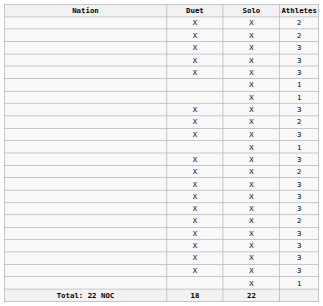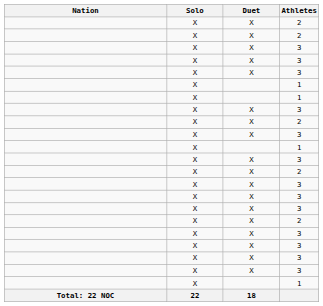 <table class="wikitable" width=500 style="text-align:center; font-size:90%">
 <tr>
 <th>Nation</th>
+<th>Solo</th>
 <th>Duet</th>
-<th>Solo</th>
 <th width=55>Athletes</th>
 </tr>
 <tr>
 <td style="text-align:left;"></td>
 <td>X</td>
 <td>X</td>
 <td>2</td>
 </tr>
 <tr>
 <td style="text-align:left;"></td>
 <td>X</td>
 <td>X</td>
 <td>2</td>
 </tr>
 <tr>
 <td style="text-align:left;"></td>
 <td>X</td>
 <td>X</td>
 <td>3</td>
 </tr>
 <tr>
 <td style="text-align:left;"></td>
 <td>X</td>
 <td>X</td>
 <td>3</td>
 </tr>
 <tr>
 <td style="text-align:left;"></td>
 <td>X</td>
 <td>X</td>
 <td>3</td>
 </tr>
 <tr>
 <td style="text-align:left;"></td>
+<td>X</td>
 <td></td>
-<td>X</td>
 <td>1</td>
 </tr>
 <tr>
 <td style="text-align:left;"></td>
+<td>X</td>
 <td></td>
-<td>X</td>
 <td>1</td>
 </tr>
 <tr>
 <td style="text-align:left;"></td>
 <td>X</td>
 <td>X</td>
 <td>3</td>
 </tr>
 <tr>
 <td style="text-align:left;"></td>
 <td>X</td>
 <td>X</td>
 <td>2</td>
 </tr>
 <tr>
 <td style="text-align:left;"></td>
 <td>X</td>
 <td>X</td>
 <td>3</td>
 </tr>
 <tr>
 <td style="text-align:left;"></td>
+<td>X</td>
 <td></td>
-<td>X</td>
 <td>1</td>
 </tr>
 <tr>
 <td style="text-align:left;"></td>
 <td>X</td>
 <td>X</td>
 <td>3</td>
 </tr>
 <tr>
 <td style="text-align:left;"></td>
 <td>X</td>
 <td>X</td>
 <td>2</td>
 </tr>
 <tr>
 <td style="text-align:left;"></td>
 <td>X</td>
 <td>X</td>
 <td>3</td>
 </tr>
 <tr>
 <td style="text-align:left;"></td>
 <td>X</td>
 <td>X</td>
 <td>3</td>
 </tr>
 <tr>
 <td style="text-align:left;"></td>
 <td>X</td>
 <td>X</td>
 <td>3</td>
 </tr>
 <tr>
 <td style="text-align:left;"></td>
 <td>X</td>
 <td>X</td>
 <td>2</td>
 </tr>
 <tr>
 <td style="text-align:left;"></td>
 <td>X</td>
 <td>X</td>
 <td>3</td>
 </tr>
 <tr>
 <td style="text-align:left;"></td>
 <td>X</td>
 <td>X</td>
 <td>3</td>
 </tr>
 <tr>
 <td style="text-align:left;"></td>
 <td>X</td>
 <td>X</td>
 <td>3</td>
 </tr>
 <tr>
 <td style="text-align:left;"></td>
 <td>X</td>
 <td>X</td>
 <td>3</td>
 </tr>
 <tr>
 <td style="text-align:left;"></td>
+<td>X</td>
 <td></td>
-<td>X</td>
 <td>1</td>
 </tr>
 <tr>
 <th>Total: 22 NOC</th>
+<th>22</th>
 <th>18</th>
-<th>22</th>
 <th></th>
 </tr>
 </table>
